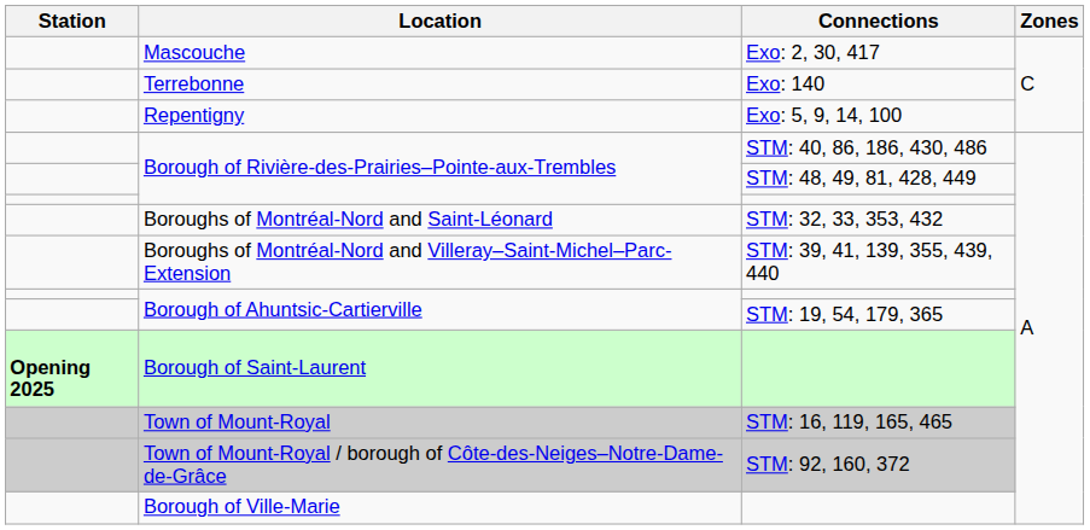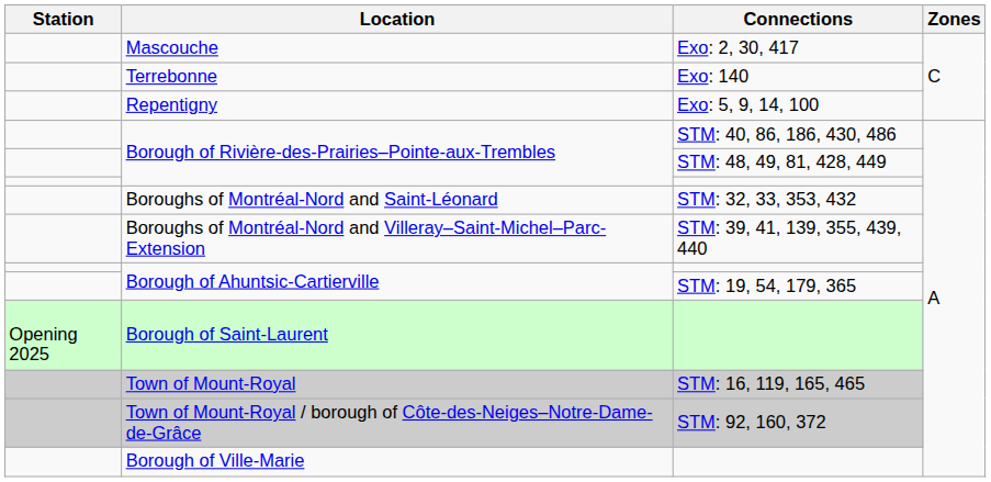 <table class=wikitable>
 <tr>
 <th>Station</th>
 <th>Location</th>
 <th>Connections</th>
 <th>Zones</th>
 </tr>
 <tr>
 <td></td>
 <td><a href='#'>Mascouche</a></td>
 <td> <a href='#'>Exo</a>: 2, 30, 417</td>
 <td rowspan="3">C</td>
 </tr>
 <tr>
 <td></td>
 <td><a href='#'>Terrebonne</a></td>
 <td> <a href='#'>Exo</a>: 140</td>
 </tr>
 <tr>
 <td></td>
 <td><a href='#'>Repentigny</a></td>
 <td> <a href='#'>Exo</a>: 5, 9, 14, 100</td>
 </tr>
 <tr>
 <td></td>
 <td rowspan=3><a href='#'>Borough of Rivière-des-Prairies–Pointe-aux-Trembles</a></td>
 <td> <a href='#'>STM</a>: 40, 86, 186, 430, 486</td>
 <td rowspan="11">A</td>
 </tr>
 <tr>
 <td></td>
 <td> <a href='#'>STM</a>: 48, 49, 81, 428, 449</td>
 </tr>
 <tr>
 <td></td>
 <td></td>
 </tr>
 <tr>
 <td></td>
 <td>Boroughs of <a href='#'>Montréal-Nord</a> and <a href='#'>Saint-Léonard</a></td>
 <td> <a href='#'>STM</a>: 32, 33, 353, 432</td>
 </tr>
 <tr>
 <td></td>
 <td>Boroughs of <a href='#'>Montréal-Nord</a> and <a href='#'>Villeray–Saint-Michel–Parc-Extension</a></td>
 <td> <a href='#'>STM</a>: 39, 41, 139, 355, 439, 440</td>
 </tr>
 <tr>
 <td></td>
 <td rowspan=2><a href='#'>Borough of Ahuntsic-Cartierville</a></td>
 <td></td>
 </tr>
 <tr>
 <td></td>
 <td> <a href='#'>STM</a>: 19, 54, 179, 365</td>
 </tr>
 <tr style = "background-color:#CCFFCC">
-<td><strong><br>Opening 2025</strong></td>
+<td><br>Opening 2025</td>
 <td><a href='#'>Borough of Saint-Laurent</a></td>
 <td></td>
 </tr>
 <tr style = "background-color:#CCCCCC">
 <td></td>
 <td><a href='#'>Town of Mount-Royal</a></td>
 <td> <a href='#'>STM</a>: 16, 119, 165, 465</td>
 </tr>
 <tr style = "background-color:#CCCCCC">
 <td></td>
 <td><a href='#'>Town of Mount-Royal</a> / borough of <a href='#'>Côte-des-Neiges–Notre-Dame-de-Grâce</a></td>
 <td> <a href='#'>STM</a>: 92, 160, 372</td>
 </tr>
 <tr>
 <td></td>
 <td><a href='#'>Borough of Ville-Marie</a></td>
 <td></td>
 </tr>
 </table>
